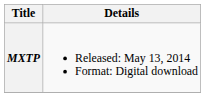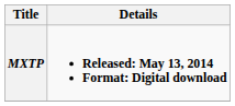 <table class="wikitable plainrowheaders">
 <tr>
 <th scope="col">Title</th>
 <th scope="col">Details</th>
 </tr>
 <tr>
 <th scope="row"><em>MXTP</em></th>
-<td><br><ul><li>Released: May 13, 2014</li><li>Format: Digital download</li></ul></td>
+<td><strong><br><ul><li>Released: May 13, 2014</li><li>Format: Digital download</li></ul></strong></td>
 </tr>
 <tr>
 </tr>
 </table>
